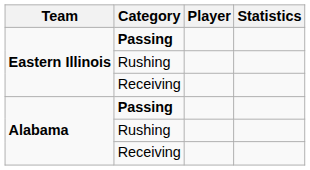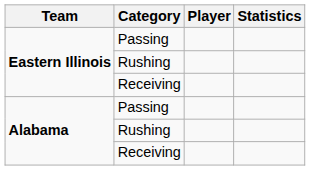 <table class="wikitable" style="float: right;">
 <tr>
 <th>Team</th>
 <th>Category</th>
 <th>Player</th>
 <th>Statistics</th>
 </tr>
 <tr>
 <td rowspan=3><strong>Eastern Illinois</strong></td>
-<td><strong>Passing</strong></td>
+<td>Passing</td>
 <td></td>
 <td></td>
 </tr>
 <tr>
 <td>Rushing</td>
 <td></td>
 <td></td>
 </tr>
 <tr>
 <td>Receiving</td>
 <td></td>
 <td></td>
 </tr>
 <tr>
 <td rowspan=3><strong>Alabama</strong></td>
-<td><strong>Passing</strong></td>
+<td>Passing</td>
 <td></td>
 <td></td>
 </tr>
 <tr>
 <td>Rushing</td>
 <td></td>
 <td></td>
 </tr>
 <tr>
 <td>Receiving</td>
 <td></td>
 <td></td>
 </tr>
 </table>
